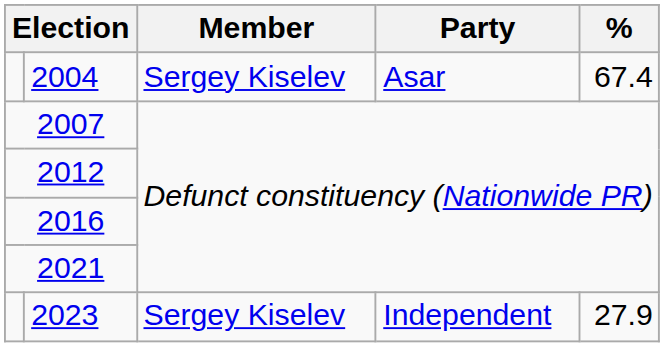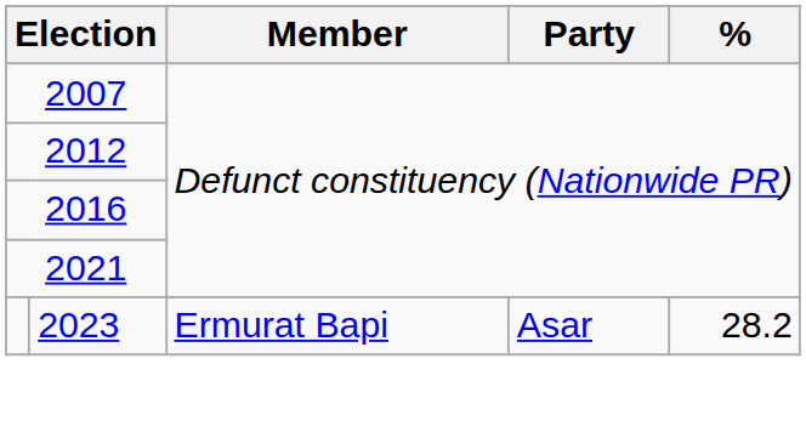 <table class="wikitable">
 <tr>
 <th colspan="2">Election</th>
 <th>Member</th>
 <th>Party</th>
 <th>%</th>
-</tr>
-<tr>
-<td style="background-color: "></td>
-<td><a href='#'>2004</a></td>
-<td><a href='#'>Sergey Kiselev</a></td>
-<td><a href='#'>Asar</a></td>
-<td align="right">67.4</td>
 </tr>
 <tr>
 <td colspan="2" align="center"><a href='#'>2007</a></td>
 <td colspan="3" rowspan="4"><em>Defunct constituency (<a href='#'>Nationwide PR</a>)</em></td>
 </tr>
 <tr>
 <td colspan="2" align="center"><a href='#'>2012</a></td>
 </tr>
 <tr>
 <td colspan="2" align="center"><a href='#'>2016</a></td>
 </tr>
 <tr>
 <td colspan="2" align="center"><a href='#'>2021</a></td>
 </tr>
 <tr>
 <td style="background-color: "></td>
 <td><a href='#'>2023</a></td>
-<td><a href='#'>Sergey Kiselev</a></td>
-<td><a href='#'>Independent</a></td>
-<td align="right">27.9</td>
+<td><a href='#'>Ermurat Bapi</a></td>
+<td><a href='#'>Asar</a></td>
+<td align="right">28.2</td>
 </tr>
 </table>
